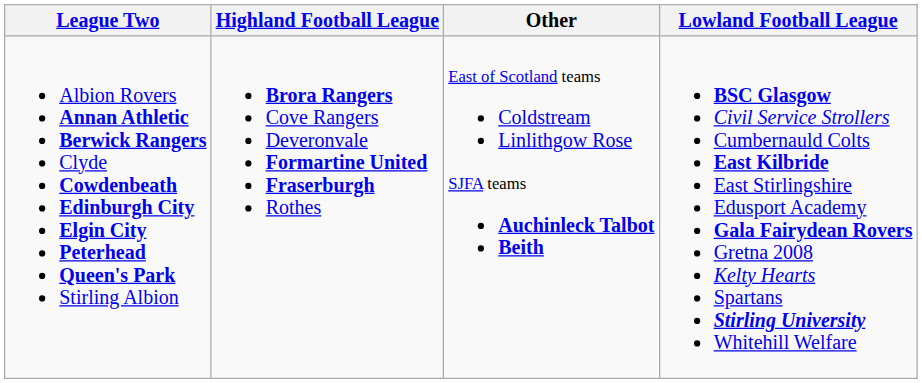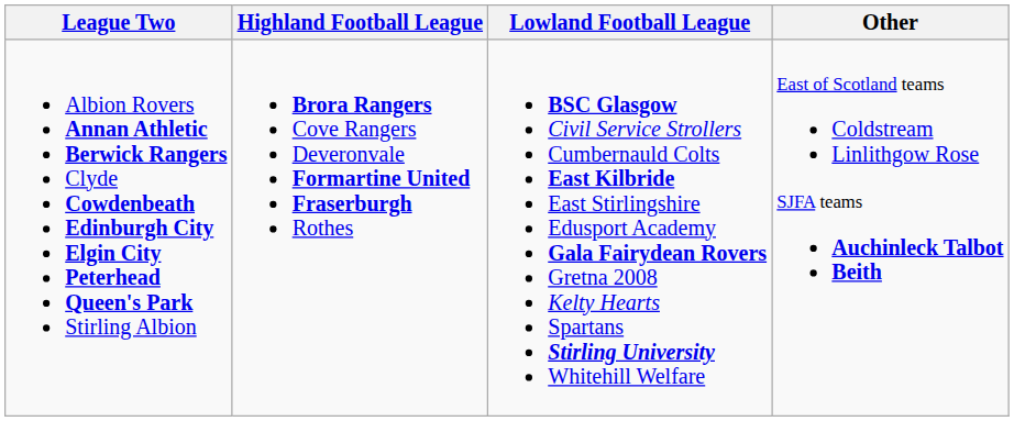 <table class="wikitable" style="text-align:left">
 <tr>
 <th><a href='#'>League Two</a></th>
 <th><a href='#'>Highland Football League</a></th>
+<th><a href='#'>Lowland Football League</a></th>
 <th>Other</th>
-<th><a href='#'>Lowland Football League</a></th>
 </tr>
 <tr>
 <td valign=top><br><ul><li><a href='#'>Albion Rovers</a></li><li><strong><a href='#'>Annan Athletic</a></strong></li><li><strong><a href='#'>Berwick Rangers</a></strong></li><li><a href='#'>Clyde</a></li><li><strong><a href='#'>Cowdenbeath</a></strong></li><li><strong><a href='#'>Edinburgh City</a></strong></li><li><strong><a href='#'>Elgin City</a></strong></li><li><strong><a href='#'>Peterhead</a></strong></li><li><strong><a href='#'>Queen's Park</a></strong></li><li><a href='#'>Stirling Albion</a></li></ul></td>
 <td valign=top><br><ul><li><strong><a href='#'>Brora Rangers</a></strong></li><li><a href='#'>Cove Rangers</a></li><li><a href='#'>Deveronvale</a></li><li><strong><a href='#'>Formartine United</a></strong></li><li><strong><a href='#'>Fraserburgh</a></strong></li><li><a href='#'>Rothes</a></li></ul></td>
+<td valign=top><br><ul><li><strong><a href='#'>BSC Glasgow</a></strong></li><li><em><a href='#'>Civil Service Strollers</a></em></li><li><a href='#'>Cumbernauld Colts</a></li><li><strong><a href='#'>East Kilbride</a></strong></li><li><a href='#'>East Stirlingshire</a></li><li><a href='#'>Edusport Academy</a></li><li><strong><a href='#'>Gala Fairydean Rovers</a></strong></li><li><a href='#'>Gretna 2008</a></li><li><em><a href='#'>Kelty Hearts</a></em></li><li><a href='#'>Spartans</a></li><li><strong><em><a href='#'>Stirling University</a></em></strong></li><li><a href='#'>Whitehill Welfare</a></li></ul></td>
 <td valign=top><br><small><a href='#'>East of Scotland</a> teams</small><ul><li><a href='#'>Coldstream</a></li><li><a href='#'>Linlithgow Rose</a></li></ul><small><a href='#'>SJFA</a> teams</small><ul><li><strong><a href='#'>Auchinleck Talbot</a></strong></li><li><strong><a href='#'>Beith</a></strong></li></ul></td>
-<td valign=top><br><ul><li><strong><a href='#'>BSC Glasgow</a></strong></li><li><em><a href='#'>Civil Service Strollers</a></em></li><li><a href='#'>Cumbernauld Colts</a></li><li><strong><a href='#'>East Kilbride</a></strong></li><li><a href='#'>East Stirlingshire</a></li><li><a href='#'>Edusport Academy</a></li><li><strong><a href='#'>Gala Fairydean Rovers</a></strong></li><li><a href='#'>Gretna 2008</a></li><li><em><a href='#'>Kelty Hearts</a></em></li><li><a href='#'>Spartans</a></li><li><strong><em><a href='#'>Stirling University</a></em></strong></li><li><a href='#'>Whitehill Welfare</a></li></ul></td>
 </tr>
 </table>
